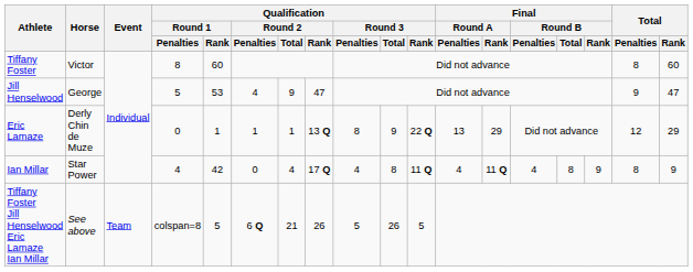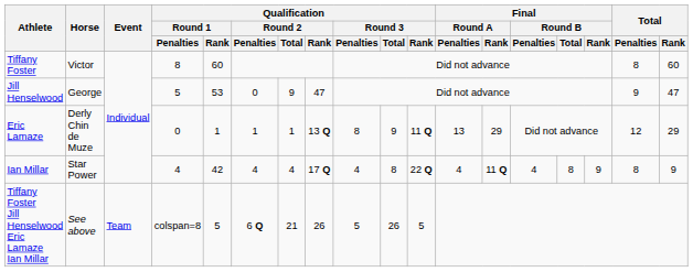 <table class="wikitable" style="font-size:90%">
 <tr>
 <th rowspan="3">Athlete</th>
 <th rowspan="3">Horse</th>
 <th rowspan="3">Event</th>
 <th colspan="8">Qualification</th>
 <th colspan="5">Final</th>
 <th rowspan=2 colspan="2">Total</th>
 </tr>
 <tr style="font-size:95%">
 <th colspan="2">Round 1</th>
 <th colspan="3">Round 2</th>
 <th colspan="3">Round 3</th>
 <th colspan="2">Round A</th>
 <th colspan="3">Round B</th>
 </tr>
 <tr style="font-size:95%">
 <th>Penalties</th>
 <th>Rank</th>
 <th>Penalties</th>
 <th>Total</th>
 <th>Rank</th>
 <th>Penalties</th>
 <th>Total</th>
 <th>Rank</th>
 <th>Penalties</th>
 <th>Rank</th>
 <th>Penalties</th>
 <th>Total</th>
 <th>Rank</th>
 <th>Penalties</th>
 <th>Rank</th>
 </tr>
 <tr align=center>
 <td align=left><a href='#'>Tiffany Foster</a></td>
 <td align=left>Victor</td>
 <td align=left rowspan=4><a href='#'>Individual</a></td>
 <td>8</td>
 <td>60</td>
 <td colspan=3></td>
 <td colspan=8>Did not advance</td>
 <td>8</td>
 <td>60</td>
 </tr>
 <tr align=center>
 <td align=left><a href='#'>Jill Henselwood</a></td>
 <td align=left>George</td>
 <td>5</td>
 <td>53</td>
-<td>4</td>
+<td>0</td>
 <td>9</td>
 <td>47</td>
 <td colspan=8>Did not advance</td>
 <td>9</td>
 <td>47</td>
 </tr>
 <tr align=center>
 <td align=left><a href='#'>Eric Lamaze</a></td>
 <td align=left>Derly Chin de Muze</td>
 <td>0</td>
 <td>1</td>
 <td>1</td>
 <td>1</td>
 <td>13 <strong>Q</strong></td>
 <td>8</td>
 <td>9</td>
-<td>22 <strong>Q</strong></td>
+<td>11 <strong>Q</strong></td>
 <td>13</td>
 <td>29</td>
 <td colspan=3>Did not advance</td>
 <td>12</td>
 <td>29</td>
 </tr>
 <tr align=center>
 <td align=left><a href='#'>Ian Millar</a></td>
 <td align=left>Star Power</td>
 <td>4</td>
 <td>42</td>
-<td>0</td>
+<td>4</td>
 <td>4</td>
 <td>17 <strong>Q</strong></td>
 <td>4</td>
 <td>8</td>
-<td>11 <strong>Q</strong></td>
+<td>22 <strong>Q</strong></td>
 <td>4</td>
 <td>11 <strong>Q</strong></td>
 <td>4</td>
 <td>8</td>
 <td>9</td>
 <td>8</td>
 <td>9</td>
 </tr>
 <tr align=center>
 <td align=left><a href='#'>Tiffany Foster</a><br><a href='#'>Jill Henselwood</a><br><a href='#'>Eric Lamaze</a><br><a href='#'>Ian Millar</a></td>
 <td align=left><em>See above</em></td>
 <td align=left><a href='#'>Team</a></td>
 <td>colspan=8 </td>
 <td>5</td>
 <td>6 <strong>Q</strong></td>
 <td>21</td>
 <td>26</td>
 <td>5</td>
 <td>26</td>
 <td>5</td>
 </tr>
 </table>
